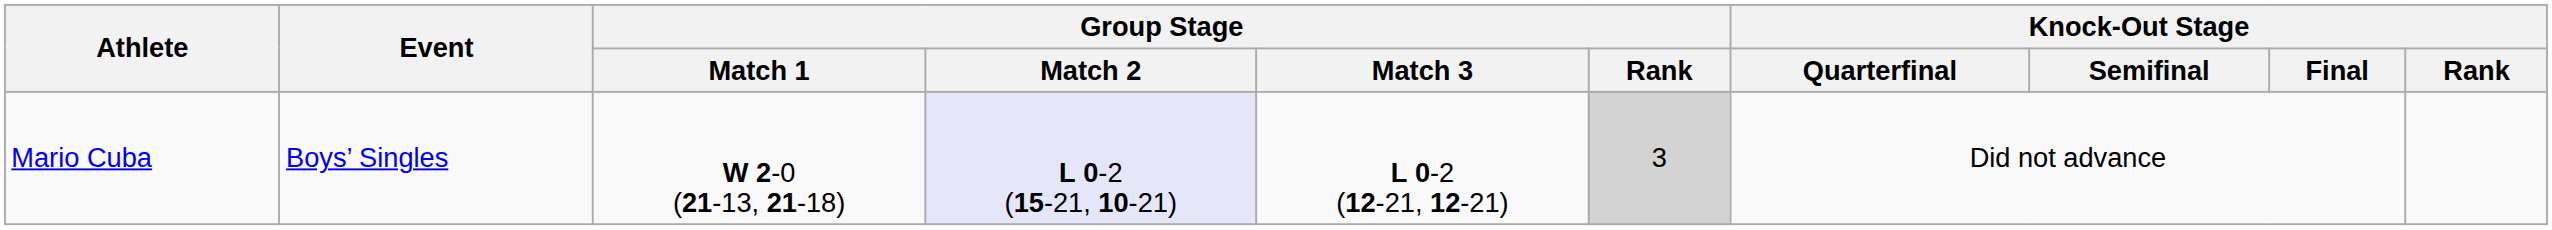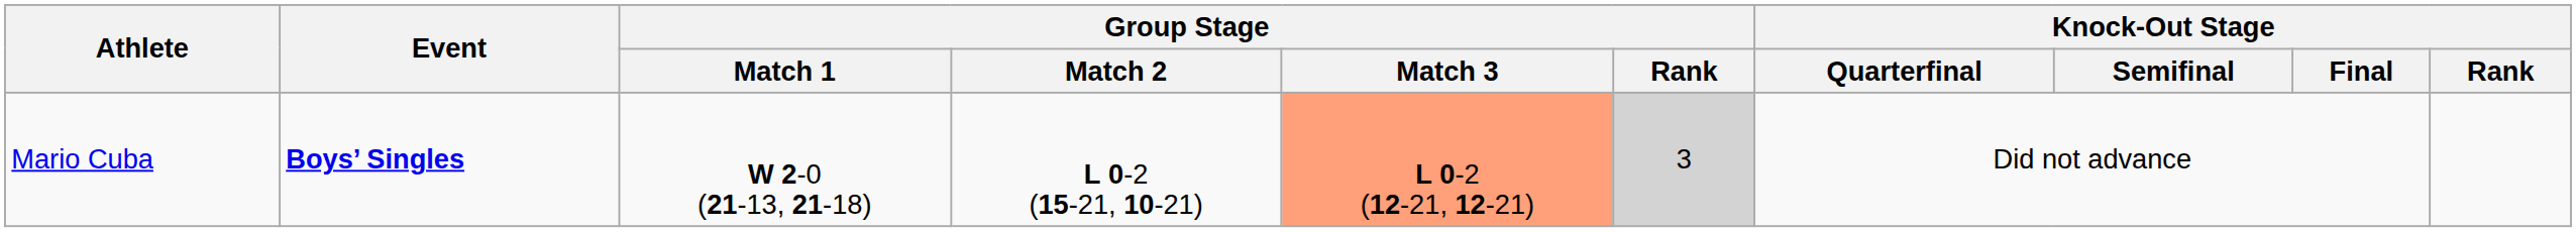 <table class="wikitable"  style="width:85%; text-align:left; font-size:90%;">
 <tr>
 <th rowspan=2>Athlete</th>
 <th rowspan=2>Event</th>
 <th colspan=4>Group Stage</th>
 <th colspan=4>Knock-Out Stage</th>
 </tr>
 <tr>
 <th>Match 1</th>
 <th>Match 2</th>
 <th>Match 3</th>
 <th>Rank</th>
 <th>Quarterfinal</th>
 <th>Semifinal</th>
 <th>Final</th>
 <th>Rank</th>
 </tr>
 <tr>
 <td><a href='#'>Mario Cuba</a></td>
-<td><a href='#'>Boys’ Singles</a></td>
+<td><strong><a href='#'>Boys’ Singles</a></strong></td>
 <td align=center> <br><br><strong>W</strong> <strong>2</strong>-0 <br> (<strong>21</strong>-13, <strong>21</strong>-18)</td>
-<td align=center style="background: lavender;"> <br><br><strong>L</strong> <strong>0</strong>-2 <br> (<strong>15</strong>-21, <strong>10</strong>-21)</td>
-<td align=center> <br><br><strong>L</strong> <strong>0</strong>-2 <br> (<strong>12</strong>-21, <strong>12</strong>-21)</td>
+<td align=center> <br><br><strong>L</strong> <strong>0</strong>-2 <br> (<strong>15</strong>-21, <strong>10</strong>-21)</td>
+<td align=center style="background: lightsalmon;"> <br><br><strong>L</strong> <strong>0</strong>-2 <br> (<strong>12</strong>-21, <strong>12</strong>-21)</td>
 <td align=center style="background: lightgrey;">3</td>
 <td colspan="3" style="text-align:center;">Did not advance</td>
 <td align=center></td>
 </tr>
 </table>
